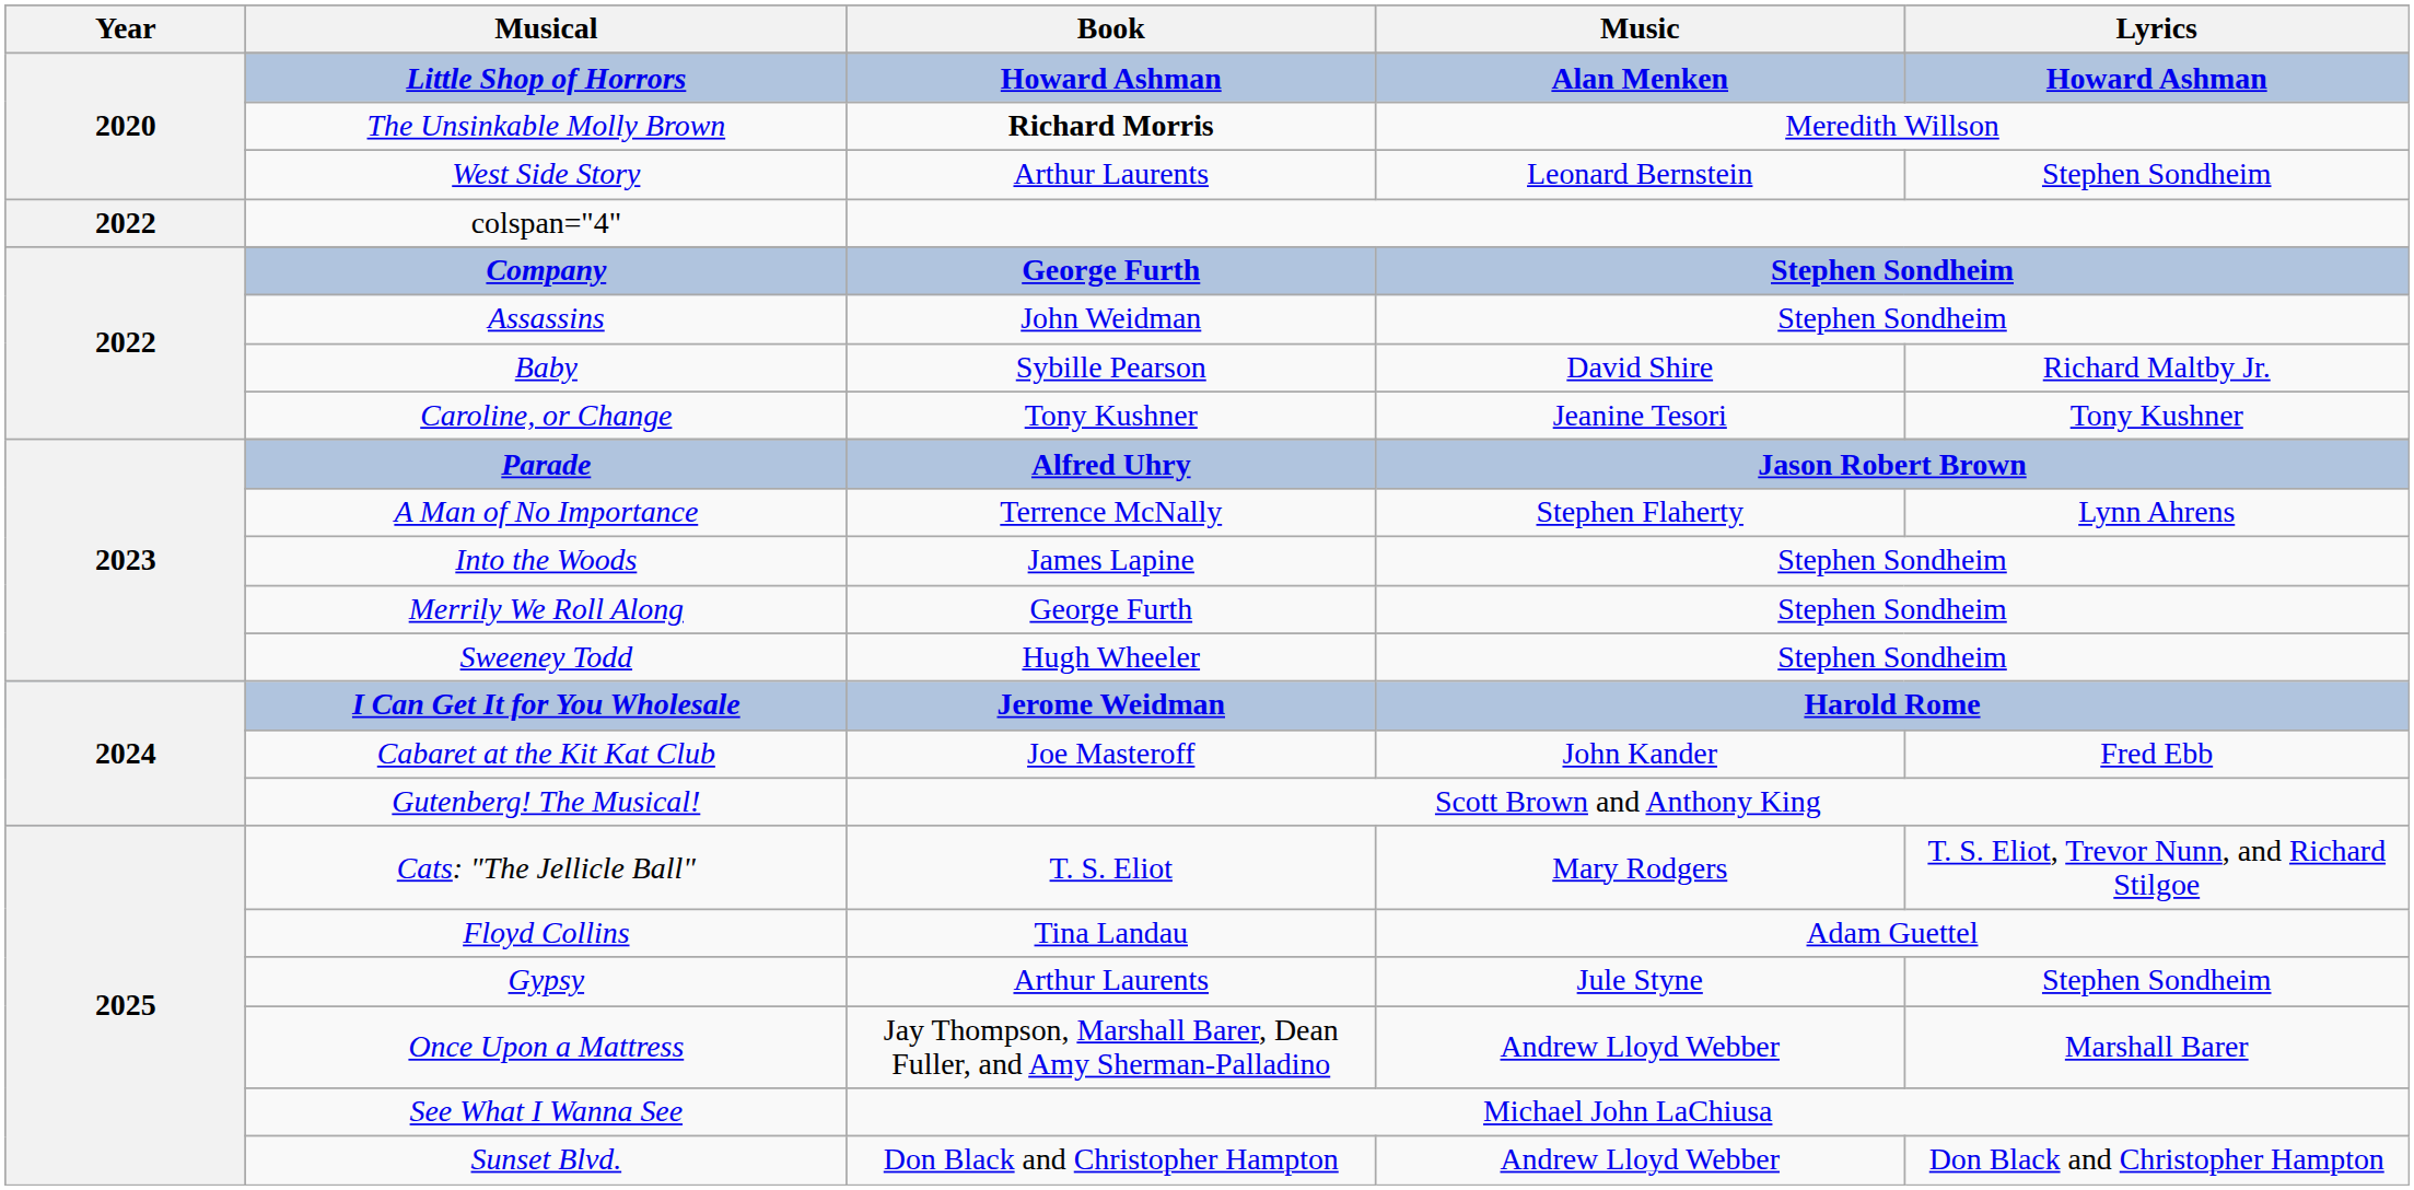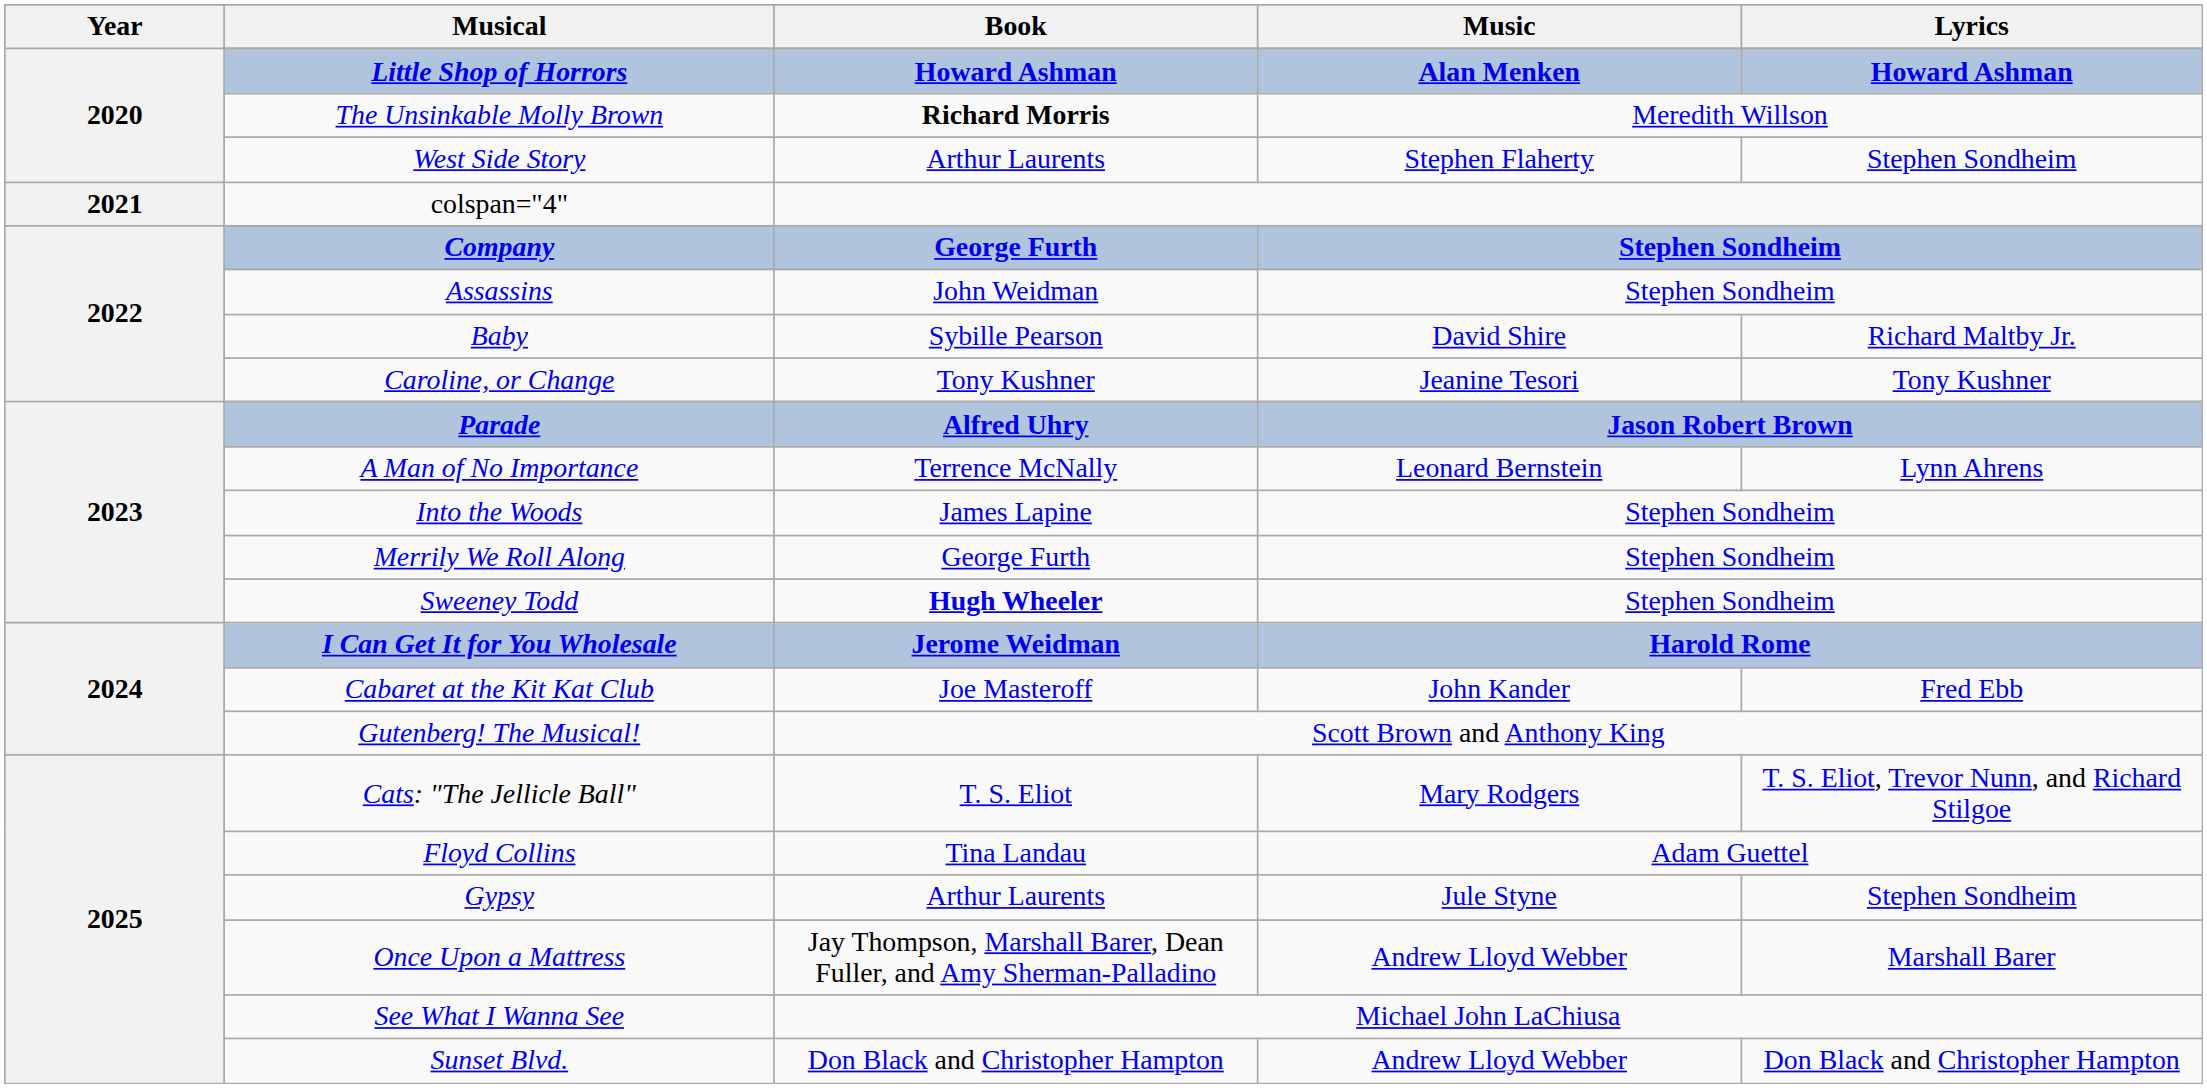 <table class="wikitable" style="width:100%; text-align:center;">
 <tr style="background:#bebebe;">
 <th style="width:10%;">Year</th>
 <th style="width:25%;">Musical</th>
 <th style="width:22%;">Book</th>
 <th style="width:22%;">Music</th>
 <th style="width:22%;">Lyrics</th>
 </tr>
 <tr>
 <th rowspan="4">2020</th>
 </tr>
 <tr style="background:#B0C4DE">
 <td><strong><em><a href='#'>Little Shop of Horrors</a></em></strong></td>
 <td><strong><a href='#'>Howard Ashman</a></strong></td>
 <td><strong><a href='#'>Alan Menken</a></strong></td>
 <td><strong><a href='#'>Howard Ashman</a></strong></td>
 </tr>
 <tr>
 <td><em><a href='#'>The Unsinkable Molly Brown</a></em></td>
 <td><strong>Richard Morris</strong></td>
 <td colspan="2"><a href='#'>Meredith Willson</a></td>
 </tr>
 <tr>
 <td><em><a href='#'>West Side Story</a></em></td>
 <td><a href='#'>Arthur Laurents</a></td>
-<td><a href='#'>Leonard Bernstein</a></td>
+<td><a href='#'>Stephen Flaherty</a></td>
 <td><a href='#'>Stephen Sondheim</a></td>
 </tr>
 <tr>
-<th>2022</th>
+<th>2021</th>
 <td>colspan="4" </td>
 </tr>
 <tr>
 <th rowspan="5">2022</th>
 </tr>
 <tr style="background:#B0C4DE">
 <td><strong><em><a href='#'>Company</a></em></strong></td>
 <td><strong><a href='#'>George Furth</a></strong></td>
 <td colspan="2"><strong><a href='#'>Stephen Sondheim</a></strong></td>
 </tr>
 <tr>
 <td><em><a href='#'>Assassins</a></em></td>
 <td><a href='#'>John Weidman</a></td>
 <td colspan="2"><a href='#'>Stephen Sondheim</a></td>
 </tr>
 <tr>
 <td><em><a href='#'>Baby</a></em></td>
 <td><a href='#'>Sybille Pearson</a></td>
 <td><a href='#'>David Shire</a></td>
 <td><a href='#'>Richard Maltby Jr.</a></td>
 </tr>
 <tr>
 <td><em><a href='#'>Caroline, or Change</a></em></td>
 <td><a href='#'>Tony Kushner</a></td>
 <td><a href='#'>Jeanine Tesori</a></td>
 <td><a href='#'>Tony Kushner</a></td>
 </tr>
 <tr>
 <th rowspan="6">2023</th>
 </tr>
 <tr style="background:#B0C4DE">
 <td><strong><em><a href='#'>Parade</a></em></strong></td>
 <td><strong><a href='#'>Alfred Uhry</a></strong></td>
 <td colspan="2"><strong><a href='#'>Jason Robert Brown</a></strong></td>
 </tr>
 <tr>
 <td><em><a href='#'>A Man of No Importance</a></em></td>
 <td><a href='#'>Terrence McNally</a></td>
-<td><a href='#'>Stephen Flaherty</a></td>
+<td><a href='#'>Leonard Bernstein</a></td>
 <td><a href='#'>Lynn Ahrens</a></td>
 </tr>
 <tr>
 <td><em><a href='#'>Into the Woods</a></em></td>
 <td><a href='#'>James Lapine</a></td>
 <td colspan="2"><a href='#'>Stephen Sondheim</a></td>
 </tr>
 <tr>
 <td><em><a href='#'>Merrily We Roll Along</a></em></td>
 <td><a href='#'>George Furth</a></td>
 <td colspan="2"><a href='#'>Stephen Sondheim</a></td>
 </tr>
 <tr>
 <td><em><a href='#'>Sweeney Todd</a></em></td>
-<td><a href='#'>Hugh Wheeler</a></td>
+<td><strong><a href='#'>Hugh Wheeler</a></strong></td>
 <td colspan="2"><a href='#'>Stephen Sondheim</a></td>
 </tr>
 <tr style="background:#B0C4DE">
 <th rowspan="3">2024</th>
 <td><strong><em><a href='#'>I Can Get It for You Wholesale</a></em></strong></td>
 <td><strong><a href='#'>Jerome Weidman</a></strong></td>
 <td colspan=2><strong><a href='#'>Harold Rome</a></strong></td>
 </tr>
 <tr>
 <td><em><a href='#'>Cabaret at the Kit Kat Club</a></em></td>
 <td><a href='#'>Joe Masteroff</a></td>
 <td><a href='#'>John Kander</a></td>
 <td><a href='#'>Fred Ebb</a></td>
 </tr>
 <tr>
 <td><em><a href='#'>Gutenberg! The Musical!</a></em></td>
 <td colspan=3><a href='#'>Scott Brown</a> and <a href='#'>Anthony King</a></td>
 </tr>
 <tr>
 <th rowspan=6>2025</th>
 <td><em><a href='#'>Cats</a>: "The Jellicle Ball"</em></td>
 <td><a href='#'>T. S. Eliot</a></td>
 <td><a href='#'>Mary Rodgers</a></td>
 <td><a href='#'>T. S. Eliot</a>, <a href='#'>Trevor Nunn</a>, and <a href='#'>Richard Stilgoe</a></td>
 </tr>
 <tr>
 <td><em><a href='#'>Floyd Collins</a></em></td>
 <td><a href='#'>Tina Landau</a></td>
 <td colspan=2><a href='#'>Adam Guettel</a></td>
 </tr>
 <tr>
 <td><em><a href='#'>Gypsy</a></em></td>
 <td><a href='#'>Arthur Laurents</a></td>
 <td><a href='#'>Jule Styne</a></td>
 <td><a href='#'>Stephen Sondheim</a></td>
 </tr>
 <tr>
 <td><em><a href='#'>Once Upon a Mattress</a></em></td>
 <td>Jay Thompson, <a href='#'>Marshall Barer</a>, Dean Fuller, and <a href='#'>Amy Sherman-Palladino</a></td>
 <td><a href='#'>Andrew Lloyd Webber</a></td>
 <td><a href='#'>Marshall Barer</a></td>
 </tr>
 <tr>
 <td><em><a href='#'>See What I Wanna See</a></em></td>
 <td colspan=3><a href='#'>Michael John LaChiusa</a></td>
 </tr>
 <tr>
 <td><em><a href='#'>Sunset Blvd.</a></em></td>
 <td><a href='#'>Don Black</a> and <a href='#'>Christopher Hampton</a></td>
 <td><a href='#'>Andrew Lloyd Webber</a></td>
 <td><a href='#'>Don Black</a> and <a href='#'>Christopher Hampton</a></td>
 </tr>
 </table>
